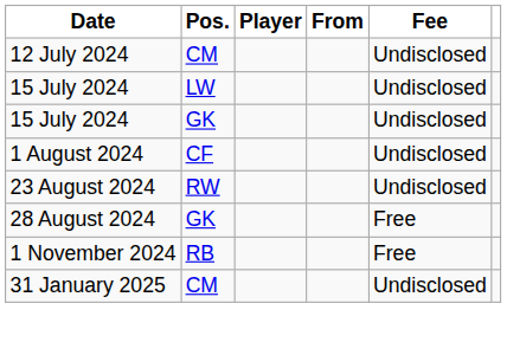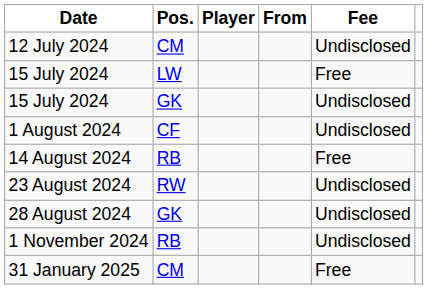 <table class="wikitable plainrowheaders sortable">
 <tr>
 <th style="background-color: white; color:black; ">Date</th>
 <th style="background-color: white; color:black; ">Pos.</th>
 <th style="background-color: white; color:black; ">Player</th>
 <th style="background-color: white; color:black; ">From</th>
 <th style="background-color: white; color:black; ">Fee</th>
 <th style="background-color: white; color:black; "></th>
 </tr>
 <tr>
 <td>12 July 2024</td>
 <td><a href='#'>CM</a></td>
 <td></td>
 <td></td>
 <td>Undisclosed</td>
 <td></td>
 </tr>
 <tr>
 <td>15 July 2024</td>
 <td><a href='#'>LW</a></td>
 <td></td>
 <td></td>
-<td>Undisclosed</td>
+<td>Free</td>
 <td></td>
 </tr>
 <tr>
 <td>15 July 2024</td>
 <td><a href='#'>GK</a></td>
 <td></td>
 <td></td>
 <td>Undisclosed</td>
 <td></td>
 </tr>
 <tr>
 <td>1 August 2024</td>
 <td><a href='#'>CF</a></td>
 <td></td>
 <td></td>
 <td>Undisclosed</td>
 <td></td>
 </tr>
 <tr>
+<td>14 August 2024</td>
+<td><a href='#'>RB</a></td>
+<td></td>
+<td></td>
+<td>Free</td>
+<td></td>
+</tr>
+<tr>
 <td>23 August 2024</td>
 <td><a href='#'>RW</a></td>
 <td></td>
 <td></td>
 <td>Undisclosed</td>
 <td></td>
 </tr>
 <tr>
 <td>28 August 2024</td>
 <td><a href='#'>GK</a></td>
 <td></td>
 <td></td>
-<td>Free</td>
+<td>Undisclosed</td>
 <td></td>
 </tr>
 <tr>
 <td>1 November 2024</td>
 <td><a href='#'>RB</a></td>
 <td></td>
 <td></td>
-<td>Free</td>
+<td>Undisclosed</td>
 <td></td>
 </tr>
 <tr>
 <td>31 January 2025</td>
 <td><a href='#'>CM</a></td>
 <td></td>
 <td></td>
-<td>Undisclosed</td>
+<td>Free</td>
 <td></td>
 </tr>
 </table>
